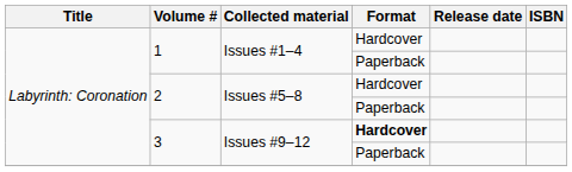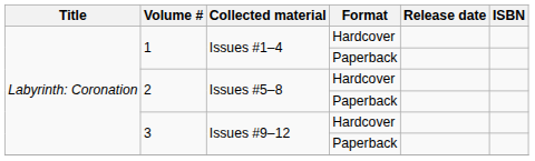 <table class="wikitable">
 <tr>
 <th>Title</th>
 <th>Volume #</th>
 <th>Collected material</th>
 <th>Format</th>
 <th>Release date</th>
 <th>ISBN</th>
 </tr>
 <tr>
 <td rowspan="6"><em>Labyrinth: Coronation</em></td>
 <td rowspan="2">1</td>
 <td rowspan="2">Issues #1–4</td>
 <td>Hardcover</td>
 <td></td>
 <td></td>
 </tr>
 <tr>
 <td>Paperback</td>
 <td></td>
 <td></td>
 </tr>
 <tr>
 <td rowspan="2">2</td>
 <td rowspan="2">Issues #5–8</td>
 <td>Hardcover</td>
 <td></td>
 <td></td>
 </tr>
 <tr>
 <td>Paperback</td>
 <td></td>
 <td></td>
 </tr>
 <tr>
 <td rowspan="2">3</td>
 <td rowspan="2">Issues #9–12</td>
-<td><strong>Hardcover</strong></td>
+<td>Hardcover</td>
 <td></td>
 <td></td>
 </tr>
 <tr>
 <td>Paperback</td>
 <td></td>
 <td></td>
 </tr>
 <tr>
 </tr>
 </table>
